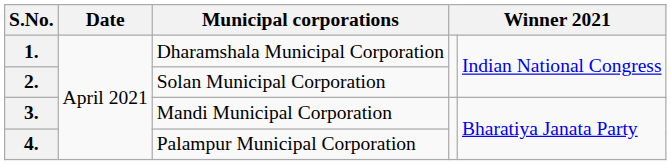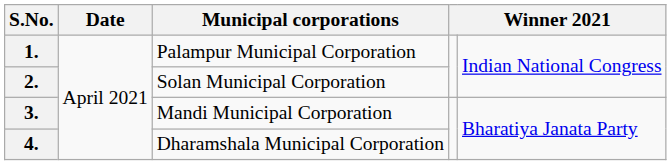 <table class="wikitable sortable">
 <tr>
 <th>S.No.</th>
 <th>Date</th>
 <th>Municipal corporations</th>
 <th colspan="2">Winner 2021</th>
 </tr>
 <tr>
 <th>1.</th>
 <td rowspan="4">April 2021</td>
-<td>Dharamshala Municipal Corporation</td>
+<td>Palampur Municipal Corporation</td>
 <td rowspan="2" style="background:"></td>
 <td rowspan="2"><a href='#'>Indian National Congress</a></td>
 </tr>
 <tr>
 <th>2.</th>
 <td>Solan Municipal Corporation</td>
 </tr>
 <tr>
 <th>3.</th>
 <td>Mandi Municipal Corporation</td>
 <td rowspan="2" style="background:"></td>
 <td rowspan="2"><a href='#'>Bharatiya Janata Party</a></td>
 </tr>
 <tr>
 <th>4.</th>
-<td>Palampur Municipal Corporation</td>
+<td>Dharamshala Municipal Corporation</td>
 </tr>
 </table>
